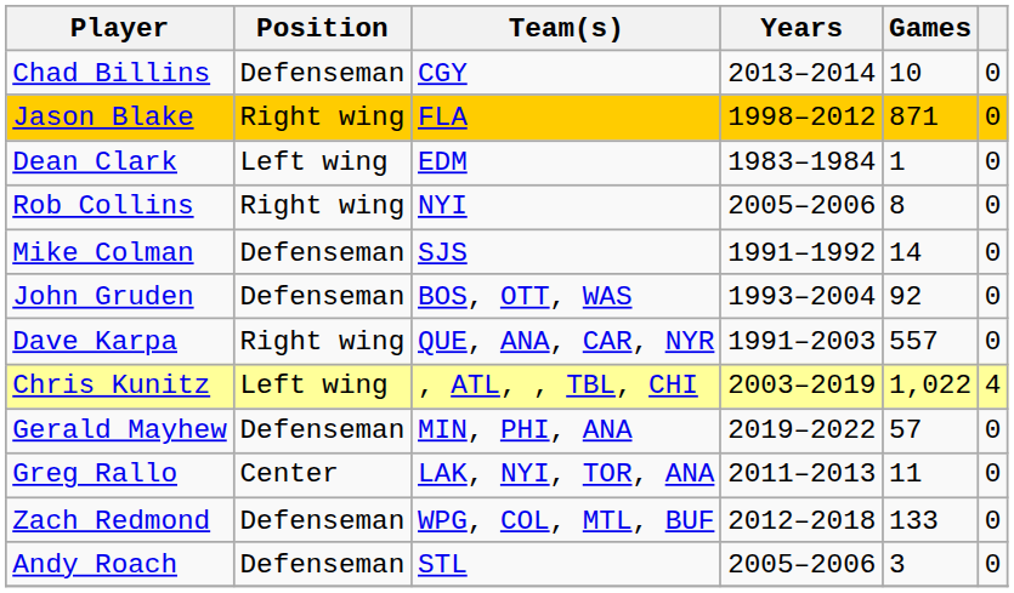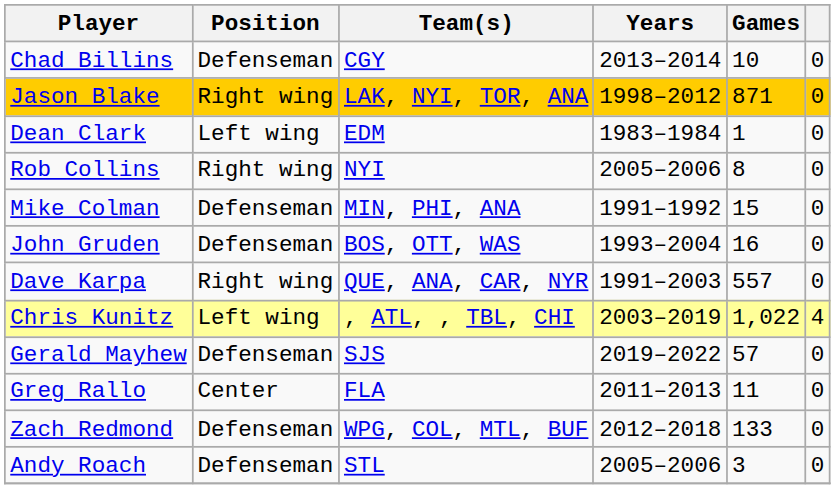 <table class="wikitable">
 <tr>
 <th>Player</th>
 <th>Position</th>
 <th>Team(s)</th>
 <th>Years</th>
 <th>Games</th>
 <th><a href='#'></a></th>
 </tr>
 <tr>
 <td><a href='#'>Chad Billins</a></td>
 <td>Defenseman</td>
 <td><a href='#'>CGY</a></td>
 <td>2013–2014</td>
 <td>10</td>
 <td>0</td>
 </tr>
 <tr bgcolor=FFCC00>
 <td><a href='#'>Jason Blake</a></td>
 <td>Right wing</td>
-<td><a href='#'>FLA</a></td>
+<td><a href='#'>LAK</a>, <a href='#'>NYI</a>, <a href='#'>TOR</a>, <a href='#'>ANA</a></td>
 <td>1998–2012</td>
 <td>871</td>
 <td>0</td>
 </tr>
 <tr>
 <td><a href='#'>Dean Clark</a></td>
 <td>Left wing</td>
 <td><a href='#'>EDM</a></td>
 <td>1983–1984</td>
 <td>1</td>
 <td>0</td>
 </tr>
 <tr>
 <td><a href='#'>Rob Collins</a></td>
 <td>Right wing</td>
 <td><a href='#'>NYI</a></td>
 <td>2005–2006</td>
 <td>8</td>
 <td>0</td>
 </tr>
 <tr>
 <td><a href='#'>Mike Colman</a></td>
 <td>Defenseman</td>
-<td><a href='#'>SJS</a></td>
+<td><a href='#'>MIN</a>, <a href='#'>PHI</a>, <a href='#'>ANA</a></td>
 <td>1991–1992</td>
-<td>14</td>
+<td>15</td>
 <td>0</td>
 </tr>
 <tr>
 <td><a href='#'>John Gruden</a></td>
 <td>Defenseman</td>
 <td><a href='#'>BOS</a>, <a href='#'>OTT</a>, <a href='#'>WAS</a></td>
 <td>1993–2004</td>
-<td>92</td>
+<td>16</td>
 <td>0</td>
 </tr>
 <tr>
 <td><a href='#'>Dave Karpa</a></td>
 <td>Right wing</td>
 <td><a href='#'>QUE</a>, <a href='#'>ANA</a>, <a href='#'>CAR</a>, <a href='#'>NYR</a></td>
 <td>1991–2003</td>
 <td>557</td>
 <td>0</td>
 </tr>
 <tr bgcolor=FFFF99>
 <td><a href='#'>Chris Kunitz</a></td>
 <td>Left wing</td>
 <td><span><strong></strong></span>, <a href='#'>ATL</a>, <span><strong></strong></span>, <a href='#'>TBL</a>, <a href='#'>CHI</a></td>
 <td>2003–2019</td>
 <td>1,022</td>
 <td>4</td>
 </tr>
 <tr>
 <td><a href='#'>Gerald Mayhew</a></td>
 <td>Defenseman</td>
-<td><a href='#'>MIN</a>, <a href='#'>PHI</a>, <a href='#'>ANA</a></td>
+<td><a href='#'>SJS</a></td>
 <td>2019–2022</td>
 <td>57</td>
 <td>0</td>
 </tr>
 <tr>
 <td><a href='#'>Greg Rallo</a></td>
 <td>Center</td>
-<td><a href='#'>LAK</a>, <a href='#'>NYI</a>, <a href='#'>TOR</a>, <a href='#'>ANA</a></td>
+<td><a href='#'>FLA</a></td>
 <td>2011–2013</td>
 <td>11</td>
 <td>0</td>
 </tr>
 <tr>
 <td><a href='#'>Zach Redmond</a></td>
 <td>Defenseman</td>
 <td><a href='#'>WPG</a>, <a href='#'>COL</a>, <a href='#'>MTL</a>, <a href='#'>BUF</a></td>
 <td>2012–2018</td>
 <td>133</td>
 <td>0</td>
 </tr>
 <tr>
 <td><a href='#'>Andy Roach</a></td>
 <td>Defenseman</td>
 <td><a href='#'>STL</a></td>
 <td>2005–2006</td>
 <td>3</td>
 <td>0</td>
 </tr>
 <tr>
 </tr>
 </table>
